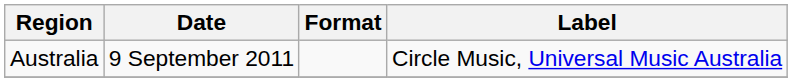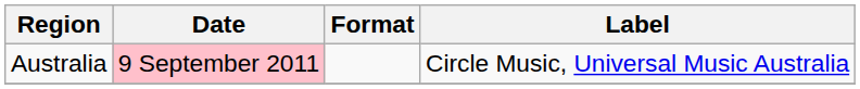 <table class="wikitable plainrowheaders">
 <tr>
 <th scope="col">Region</th>
 <th scope="col">Date</th>
 <th scope="col">Format</th>
 <th scope="col">Label</th>
 </tr>
 <tr>
 <td>Australia</td>
-<td>9 September 2011</td>
+<td style="background: pink;">9 September 2011</td>
 <td></td>
 <td>Circle Music, <a href='#'>Universal Music Australia</a></td>
 </tr>
 <tr>
 </tr>
 </table>
